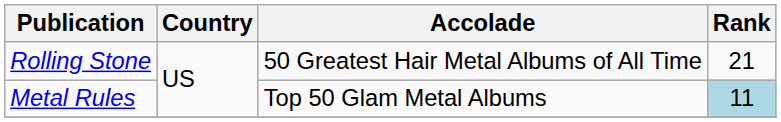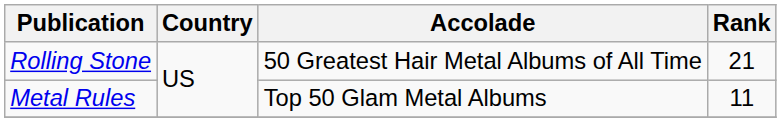 <table class="wikitable">
 <tr>
 <th>Publication</th>
 <th>Country</th>
 <th>Accolade</th>
 <th>Rank</th>
 </tr>
 <tr>
 <td><em><a href='#'>Rolling Stone</a></em></td>
 <td rowspan="2">US</td>
 <td>50 Greatest Hair Metal Albums of All Time</td>
 <td align="center">21</td>
 </tr>
 <tr>
 <td><em><a href='#'>Metal Rules</a></em></td>
 <td>Top 50 Glam Metal Albums</td>
-<td align="center" style="background: lightblue;">11</td>
+<td align="center">11</td>
 </tr>
 <tr>
 </tr>
 </table>
